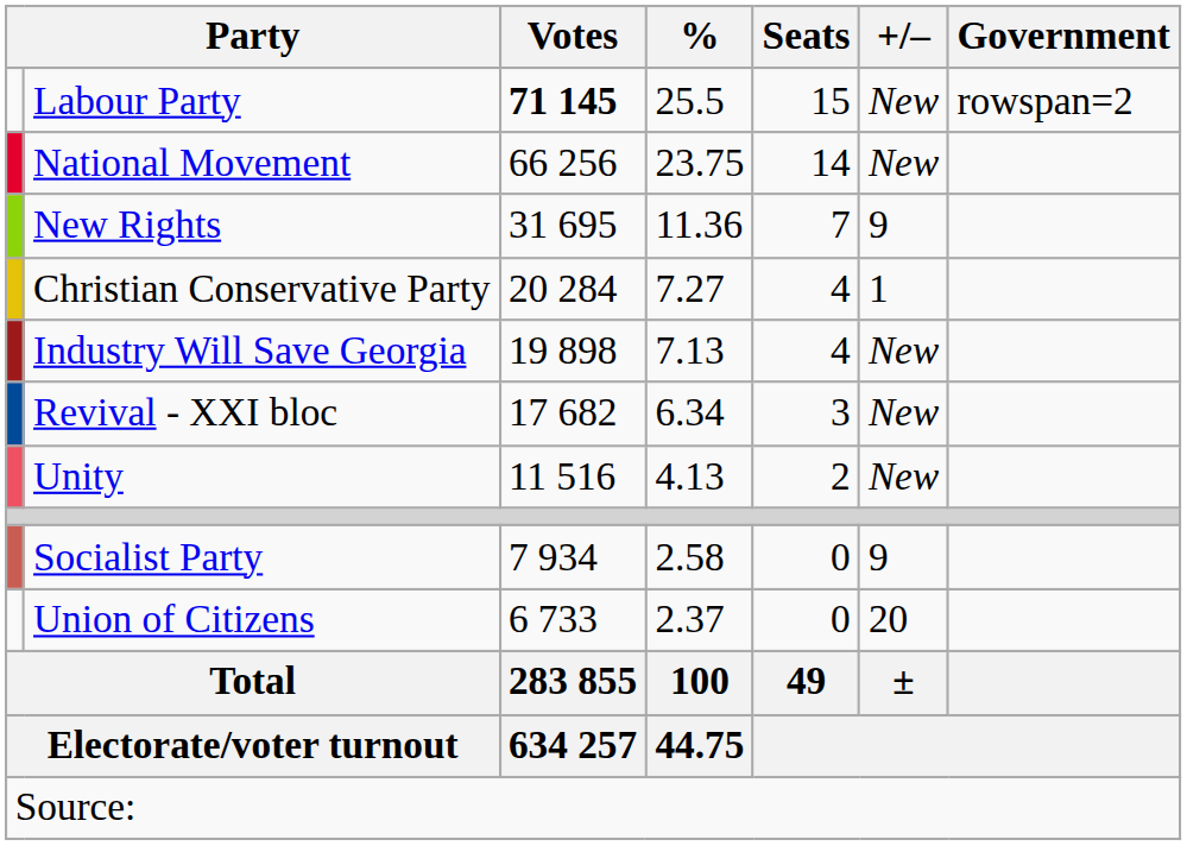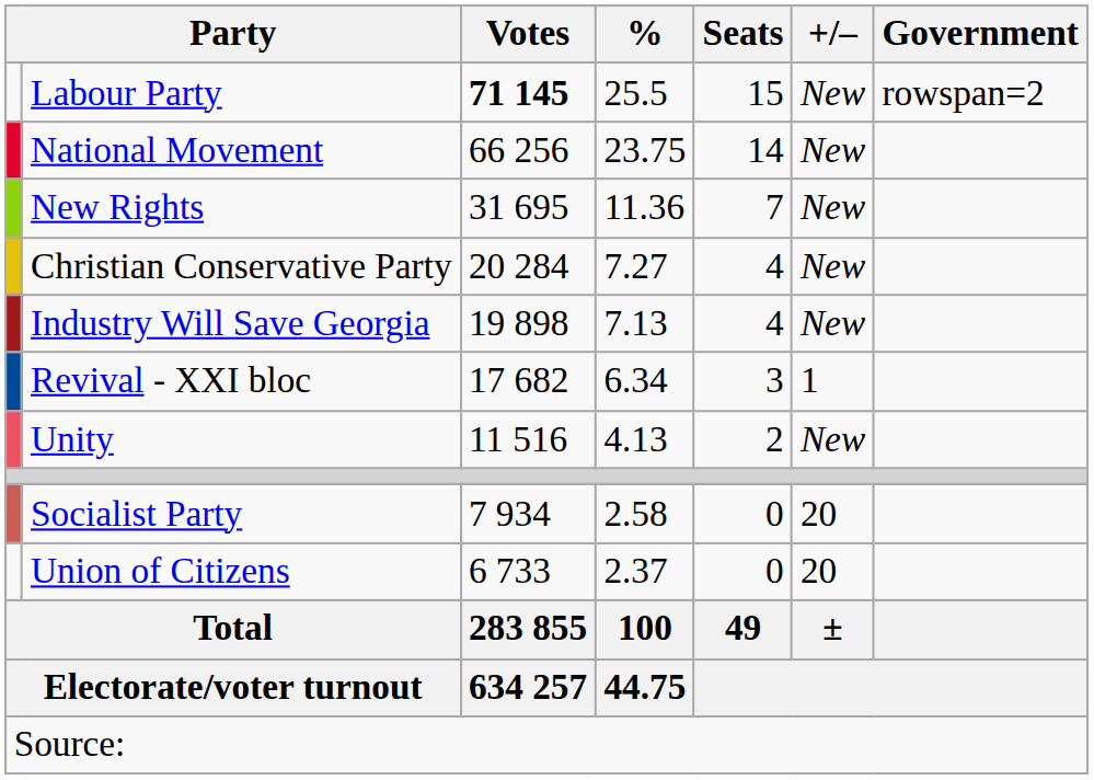 <table class="wikitable">
 <tr>
 <th colspan="2">Party</th>
 <th scope="col">Votes</th>
 <th scope="col">%</th>
 <th scope="col">Seats</th>
 <th scope="col">+/–</th>
 <th colspan="2">Government</th>
 </tr>
 <tr>
 <td style="background:"></td>
 <td align=left><a href='#'>Labour Party</a></td>
 <td><strong>71 145</strong></td>
 <td>25.5</td>
 <td align=right>15</td>
 <td><em>New</em></td>
 <td>rowspan=2 </td>
 </tr>
 <tr>
 <td style="background:#e4012e"></td>
 <td align=left><a href='#'>National Movement</a></td>
 <td>66 256</td>
 <td>23.75</td>
 <td align=right>14</td>
 <td><em>New</em></td>
 </tr>
 <tr>
 <td style="background:#8CD309"></td>
 <td align=left><a href='#'>New Rights</a></td>
 <td>31 695</td>
 <td>11.36</td>
 <td align=right>7</td>
-<td> 9</td>
+<td><em>New</em></td>
 <td></td>
 </tr>
 <tr>
 <td style="background:#E4C208"></td>
 <td align=left>Christian Conservative Party</td>
 <td>20 284</td>
 <td>7.27</td>
 <td align=right>4</td>
-<td> 1</td>
+<td><em>New</em></td>
 <td></td>
 </tr>
 <tr>
 <td style="background:#9E1A1A"></td>
 <td align=left><a href='#'>Industry Will Save Georgia</a></td>
 <td>19 898</td>
 <td>7.13</td>
 <td align=right>4</td>
 <td><em>New</em></td>
 <td></td>
 </tr>
 <tr>
 <td style="background:#004a99"></td>
 <td align=left><a href='#'>Revival</a> - XXI bloc</td>
 <td>17 682</td>
 <td>6.34</td>
 <td align=right>3</td>
-<td><em>New</em></td>
+<td> 1</td>
 <td></td>
 </tr>
 <tr>
 <td style="background:#EF5062"></td>
 <td align=left><a href='#'>Unity</a></td>
 <td>11 516</td>
 <td>4.13</td>
 <td align=right>2</td>
 <td><em>New</em></td>
 <td></td>
 </tr>
 <tr>
 <td colspan=9 bgcolor=lightgrey></td>
 </tr>
 <tr>
 <td style="background:#C95D53"></td>
 <td align=left><a href='#'>Socialist Party</a></td>
 <td>7 934</td>
 <td>2.58</td>
 <td align=right>0</td>
-<td> 9</td>
+<td> 20</td>
 <td></td>
 </tr>
 <tr>
 <td style="background:"></td>
 <td align=left><a href='#'>Union of Citizens</a></td>
 <td>6 733</td>
 <td>2.37</td>
 <td align=right>0</td>
 <td> 20</td>
 <td></td>
 </tr>
 <tr>
 <th colspan="2">Total</th>
 <th>283 855</th>
 <th>100</th>
 <th align="right">49</th>
 <th>±</th>
 <th colspan="2"></th>
 </tr>
 <tr>
 <th colspan=2>Electorate/voter turnout</th>
 <th>634 257</th>
 <th>44.75</th>
 <th colspan=5></th>
 </tr>
 <tr>
 <td colspan=9>Source: </td>
 </tr>
 </table>
